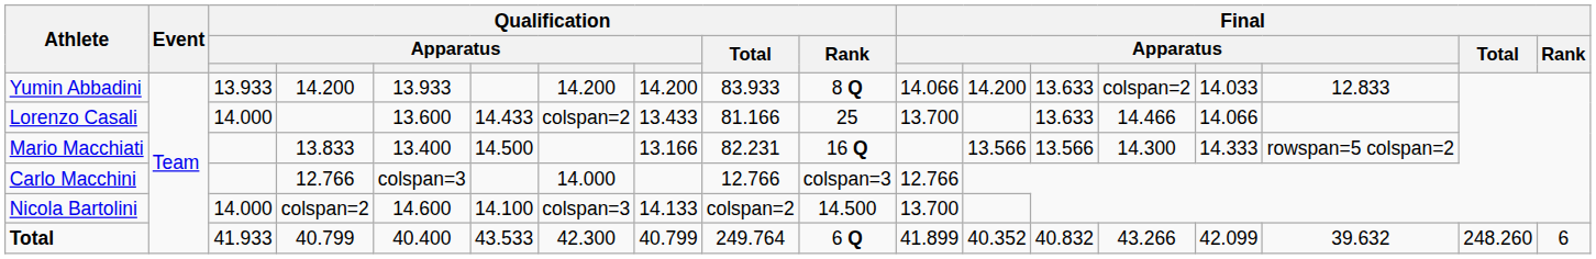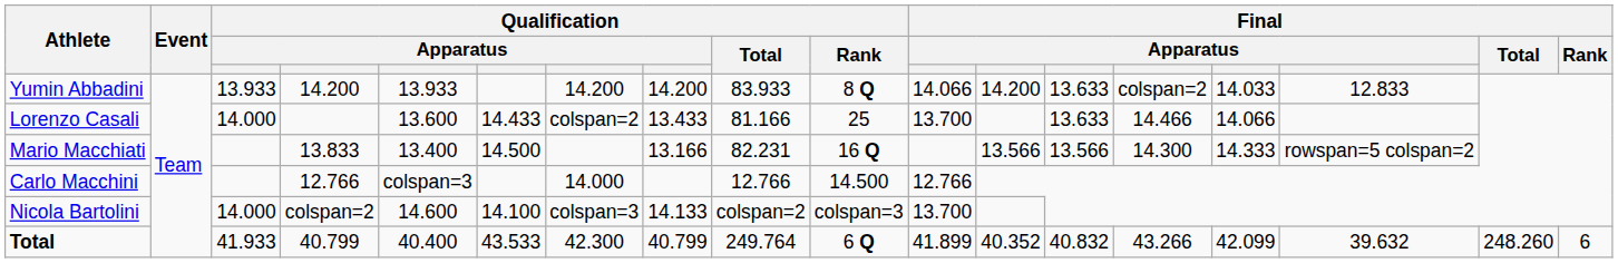 <table class="wikitable" style="font-size:90%">
 <tr>
 <th rowspan=3>Athlete</th>
 <th rowspan=3>Event</th>
 <th colspan =8>Qualification</th>
 <th colspan =8>Final</th>
 </tr>
 <tr style="font-size:95%">
 <th colspan=6>Apparatus</th>
 <th rowspan=2>Total</th>
 <th rowspan=2>Rank</th>
 <th colspan=6>Apparatus</th>
 <th rowspan=2>Total</th>
 <th rowspan=2>Rank</th>
 </tr>
 <tr style="font-size:95%">
 <th></th>
 <th></th>
 <th></th>
 <th></th>
 <th></th>
 <th></th>
 <th></th>
 <th></th>
 <th></th>
 <th></th>
 <th></th>
 <th></th>
 </tr>
 <tr align=center>
 <td align=left><a href='#'>Yumin Abbadini</a></td>
 <td align=left rowspan=6><a href='#'>Team</a></td>
 <td>13.933</td>
 <td>14.200</td>
 <td>13.933</td>
 <td></td>
 <td>14.200</td>
 <td>14.200</td>
 <td>83.933</td>
 <td>8 <strong>Q</strong></td>
 <td>14.066</td>
 <td>14.200</td>
 <td>13.633</td>
 <td>colspan=2 </td>
 <td>14.033</td>
 <td>12.833</td>
 </tr>
 <tr align=center>
 <td align=left><a href='#'>Lorenzo Casali</a></td>
 <td>14.000</td>
 <td></td>
 <td>13.600</td>
 <td>14.433</td>
 <td>colspan=2 </td>
 <td>13.433</td>
 <td>81.166</td>
 <td>25</td>
 <td>13.700</td>
 <td></td>
 <td>13.633</td>
 <td>14.466</td>
 <td>14.066</td>
 <td></td>
 </tr>
 <tr align=center>
 <td align=left><a href='#'>Mario Macchiati</a></td>
 <td></td>
 <td>13.833</td>
 <td>13.400</td>
 <td>14.500</td>
 <td></td>
 <td>13.166</td>
 <td>82.231</td>
 <td>16 <strong>Q</strong></td>
 <td></td>
 <td>13.566</td>
 <td>13.566</td>
 <td>14.300</td>
 <td>14.333</td>
 <td>rowspan=5 colspan=2 </td>
 </tr>
 <tr align=center>
 <td align=left><a href='#'>Carlo Macchini</a></td>
 <td></td>
 <td>12.766</td>
 <td>colspan=3 </td>
 <td></td>
 <td>14.000</td>
 <td></td>
 <td>12.766</td>
-<td>colspan=3 </td>
+<td>14.500</td>
 <td>12.766</td>
 </tr>
 <tr align=center>
 <td align=left><a href='#'>Nicola Bartolini</a></td>
 <td>14.000</td>
 <td>colspan=2 </td>
 <td>14.600</td>
 <td>14.100</td>
 <td>colspan=3 </td>
 <td>14.133</td>
 <td>colspan=2 </td>
-<td>14.500</td>
+<td>colspan=3 </td>
 <td>13.700</td>
 <td></td>
 </tr>
 <tr align=center>
 <td align=left><strong>Total</strong></td>
 <td>41.933</td>
 <td>40.799</td>
 <td>40.400</td>
 <td>43.533</td>
 <td>42.300</td>
 <td>40.799</td>
 <td>249.764</td>
 <td>6 <strong>Q</strong></td>
 <td>41.899</td>
 <td>40.352</td>
 <td>40.832</td>
 <td>43.266</td>
 <td>42.099</td>
 <td>39.632</td>
 <td>248.260</td>
 <td>6</td>
 </tr>
 </table>
